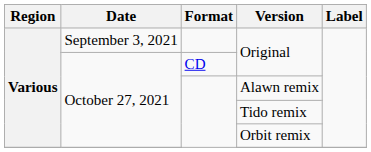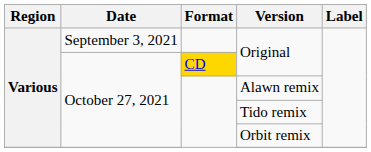 <table class="wikitable plainrowheaders">
 <tr>
 <th scope="col">Region</th>
 <th scope="col">Date</th>
 <th scope="col">Format</th>
 <th scope="col">Version</th>
 <th scope="col">Label</th>
 </tr>
 <tr>
 <th scope="row" rowspan="5">Various</th>
 <td>September 3, 2021</td>
 <td rowspan="1"></td>
 <td rowspan="2">Original</td>
 <td rowspan="5"></td>
 </tr>
 <tr>
 <td rowspan="4">October 27, 2021</td>
-<td><a href='#'>CD</a></td>
+<td style="background: gold;"><a href='#'>CD</a></td>
 </tr>
 <tr>
 <td rowspan="4"></td>
 <td>Alawn remix</td>
 </tr>
 <tr>
 <td>Tido remix</td>
 </tr>
 <tr>
 <td>Orbit remix</td>
 </tr>
 <tr>
 </tr>
 </table>
